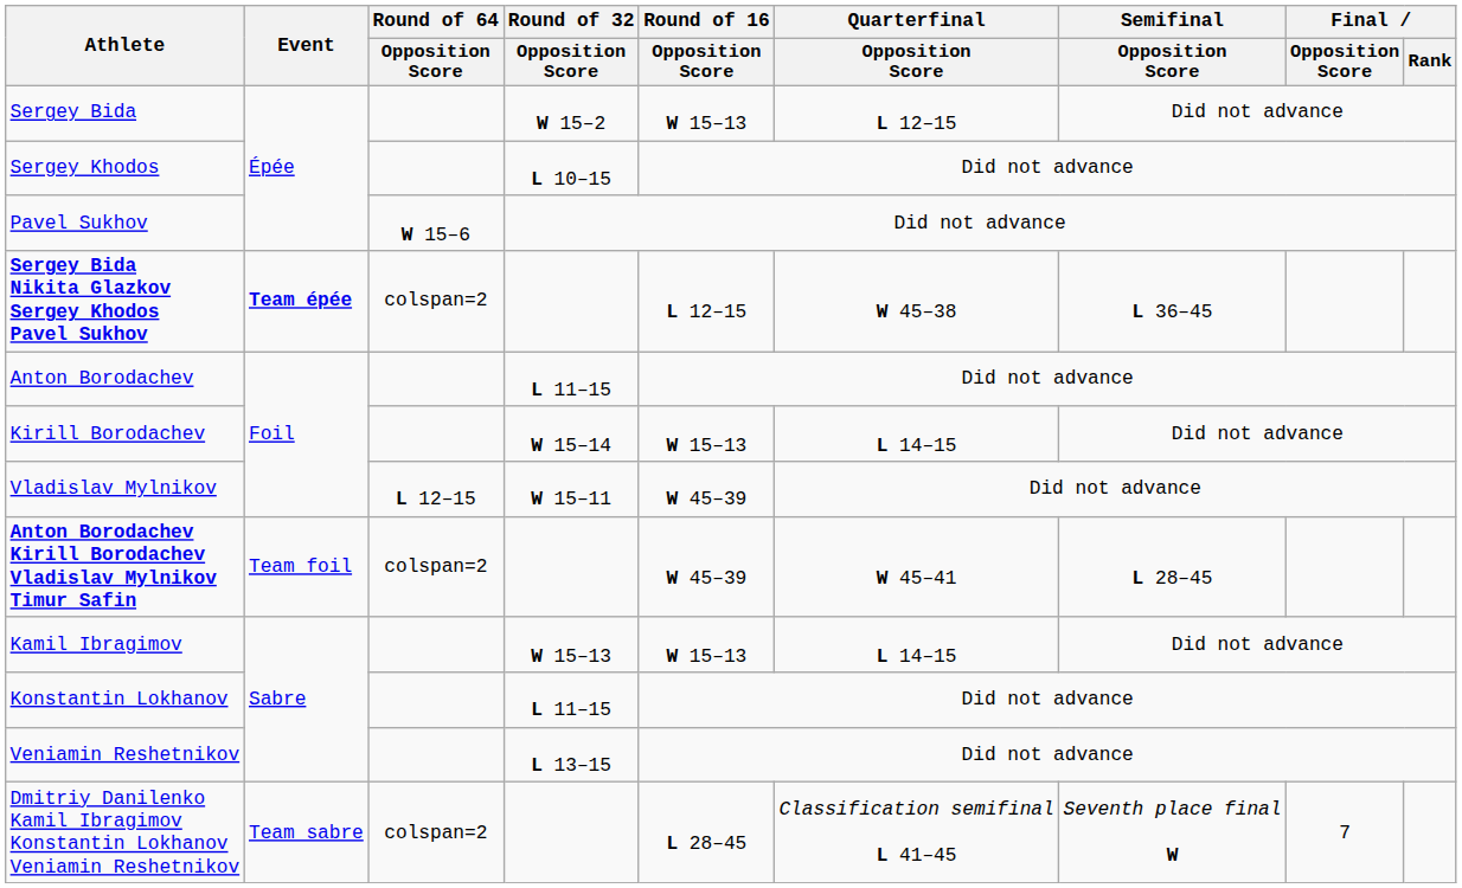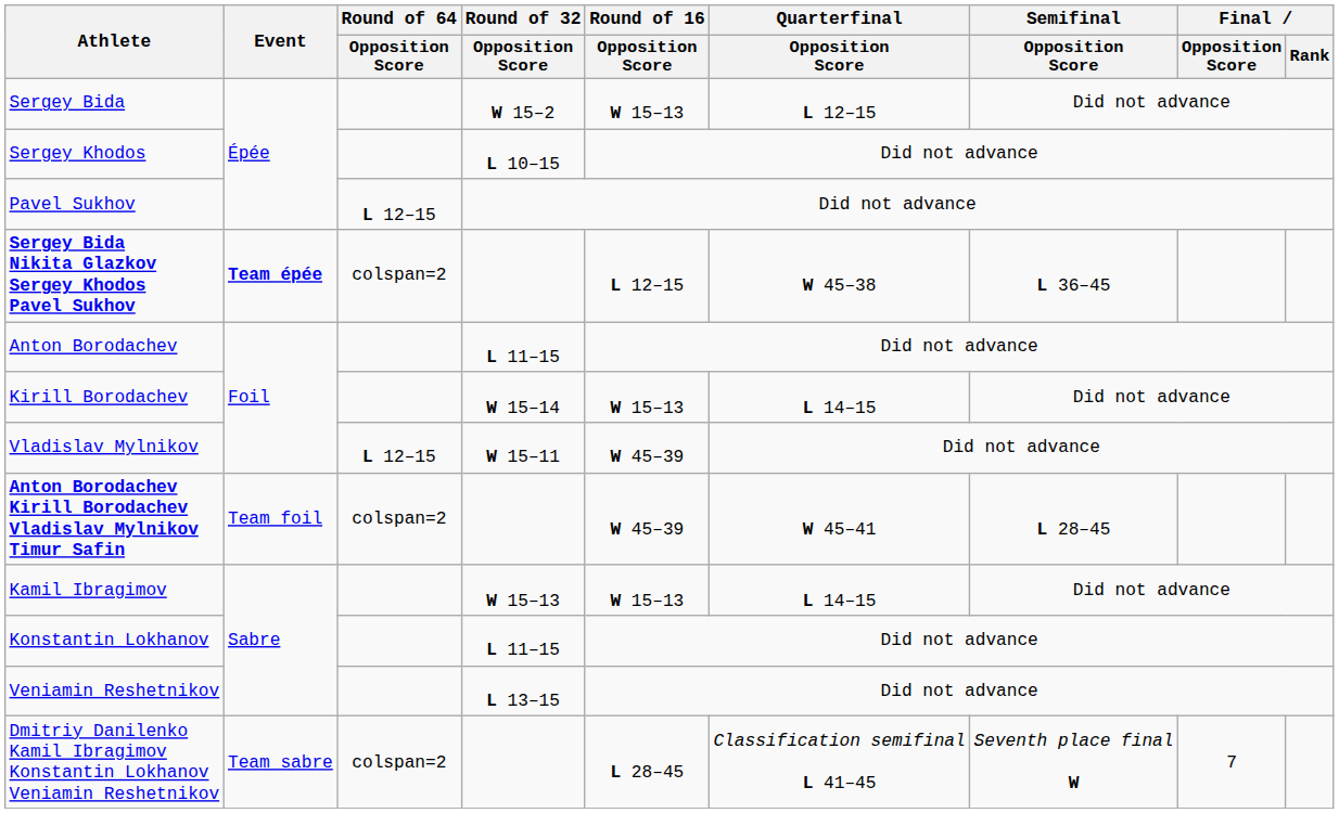 <table class="wikitable" style="text-align:center; font-size:90%">
 <tr>
 <th rowspan=2>Athlete</th>
 <th rowspan=2>Event</th>
 <th>Round of 64</th>
 <th>Round of 32</th>
 <th>Round of 16</th>
 <th>Quarterfinal</th>
 <th>Semifinal</th>
 <th colspan=2>Final / </th>
 </tr>
 <tr style="font-size:95%">
 <th>Opposition <br> Score</th>
 <th>Opposition <br> Score</th>
 <th>Opposition <br> Score</th>
 <th>Opposition <br> Score</th>
 <th>Opposition <br> Score</th>
 <th>Opposition <br> Score</th>
 <th>Rank</th>
 </tr>
 <tr>
 <td align=left><a href='#'>Sergey Bida</a></td>
 <td align=left rowspan=3><a href='#'>Épée</a></td>
 <td></td>
 <td><br><strong>W</strong> 15–2</td>
 <td><br><strong>W</strong> 15–13</td>
 <td><br><strong>L</strong> 12–15</td>
 <td colspan=3>Did not advance</td>
 </tr>
 <tr>
 <td align=left><a href='#'>Sergey Khodos</a></td>
 <td></td>
 <td><br><strong>L</strong> 10–15</td>
 <td colspan=5>Did not advance</td>
 </tr>
 <tr>
 <td align=left><a href='#'>Pavel Sukhov</a></td>
-<td><br><strong>W</strong> 15–6</td>
+<td><br><strong>L</strong> 12–15</td>
 <td colspan=6>Did not advance</td>
 </tr>
 <tr>
 <td align=left><strong><a href='#'>Sergey Bida</a><br><a href='#'>Nikita Glazkov</a><br><a href='#'>Sergey Khodos</a><br><a href='#'>Pavel Sukhov</a></strong></td>
 <td align=left><strong><a href='#'>Team épée</a></strong></td>
 <td>colspan=2 </td>
 <td></td>
 <td><br><strong>L</strong> 12–15</td>
 <td><br><strong>W</strong> 45–38</td>
 <td><br><strong>L</strong> 36–45</td>
 <td></td>
 </tr>
 <tr>
 <td align=left><a href='#'>Anton Borodachev</a></td>
 <td align=left rowspan=3><a href='#'>Foil</a></td>
 <td></td>
 <td><br><strong>L</strong> 11–15</td>
 <td colspan=5>Did not advance</td>
 </tr>
 <tr>
 <td align=left><a href='#'>Kirill Borodachev</a></td>
 <td></td>
 <td><br><strong>W</strong> 15–14</td>
 <td><br><strong>W</strong> 15–13</td>
 <td><br><strong>L</strong> 14–15</td>
 <td colspan=3>Did not advance</td>
 </tr>
 <tr>
 <td align=left><a href='#'>Vladislav Mylnikov</a></td>
 <td><br><strong>L</strong> 12–15</td>
 <td><br><strong>W</strong> 15–11</td>
 <td><br><strong>W</strong> 45–39</td>
 <td colspan=4>Did not advance</td>
 </tr>
 <tr>
 <td align=left><strong><a href='#'>Anton Borodachev</a><br><a href='#'>Kirill Borodachev</a><br><a href='#'>Vladislav Mylnikov</a><br><a href='#'>Timur Safin</a></strong></td>
 <td align=left><a href='#'>Team foil</a></td>
 <td>colspan=2 </td>
 <td></td>
 <td><br><strong>W</strong> 45–39</td>
 <td><br><strong>W</strong> 45–41</td>
 <td><br><strong>L</strong> 28–45</td>
 <td></td>
 </tr>
 <tr>
 <td align=left><a href='#'>Kamil Ibragimov</a></td>
 <td align=left rowspan=3><a href='#'>Sabre</a></td>
 <td></td>
 <td><br><strong>W</strong> 15–13</td>
 <td><br><strong>W</strong> 15–13</td>
 <td><br><strong>L</strong> 14–15</td>
 <td colspan=3>Did not advance</td>
 </tr>
 <tr>
 <td align=left><a href='#'>Konstantin Lokhanov</a></td>
 <td></td>
 <td><br><strong>L</strong> 11–15</td>
 <td colspan=5>Did not advance</td>
 </tr>
 <tr>
 <td align=left><a href='#'>Veniamin Reshetnikov</a></td>
 <td></td>
 <td><br><strong>L</strong> 13–15</td>
 <td colspan=5>Did not advance</td>
 </tr>
 <tr>
 <td align=left><a href='#'>Dmitriy Danilenko</a><br><a href='#'>Kamil Ibragimov</a><br><a href='#'>Konstantin Lokhanov</a><br><a href='#'>Veniamin Reshetnikov</a></td>
 <td align=left><a href='#'>Team sabre</a></td>
 <td>colspan=2 </td>
 <td></td>
 <td><br><strong>L</strong> 28–45</td>
 <td><em>Classification semifinal</em><br><br><strong>L</strong> 41–45</td>
 <td><em>Seventh place final</em><br><br><strong>W</strong> </td>
 <td>7</td>
 </tr>
 </table>
